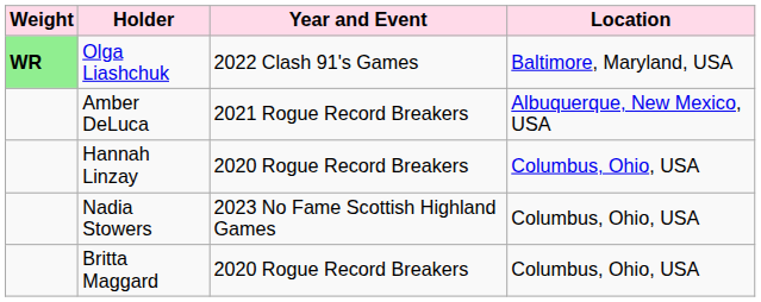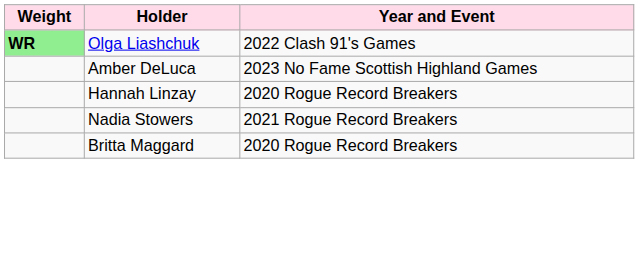 <table class="wikitable sortable" style="display: inline-table;width: 100%;">
 <tr>
 <th style="background: #FFDAE9;">Weight</th>
 <th style="background: #FFDAE9;">Holder</th>
 <th style="background: #FFDAE9;">Year and Event</th>
-<th style="background: #FFDAE9;">Location</th>
 </tr>
 <tr>
 <td style="background: lightgreen;"> <strong>WR</strong></td>
 <td> <a href='#'>Olga Liashchuk</a></td>
 <td>2022 Clash 91's Games</td>
-<td><a href='#'>Baltimore</a>, Maryland, USA</td>
 </tr>
 <tr>
 <td></td>
 <td> Amber DeLuca</td>
-<td>2021 Rogue Record Breakers</td>
-<td><a href='#'>Albuquerque, New Mexico</a>, USA</td>
+<td>2023 No Fame Scottish Highland Games</td>
 </tr>
 <tr>
 <td></td>
 <td> Hannah Linzay</td>
 <td>2020 Rogue Record Breakers</td>
-<td><a href='#'>Columbus, Ohio</a>, USA</td>
 </tr>
 <tr>
 <td></td>
 <td> Nadia Stowers</td>
-<td>2023 No Fame Scottish Highland Games</td>
-<td>Columbus, Ohio, USA</td>
+<td>2021 Rogue Record Breakers</td>
 </tr>
 <tr>
 <td></td>
 <td> Britta Maggard</td>
 <td>2020 Rogue Record Breakers</td>
-<td>Columbus, Ohio, USA</td>
 </tr>
 </table>
